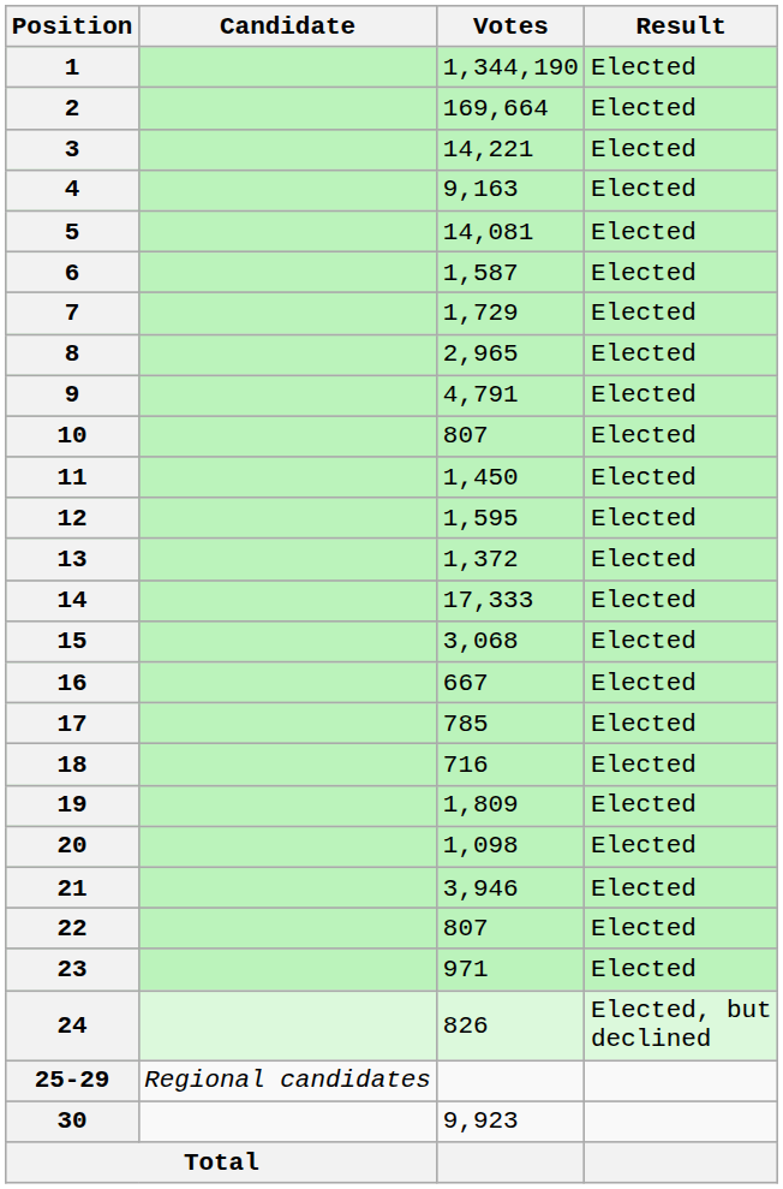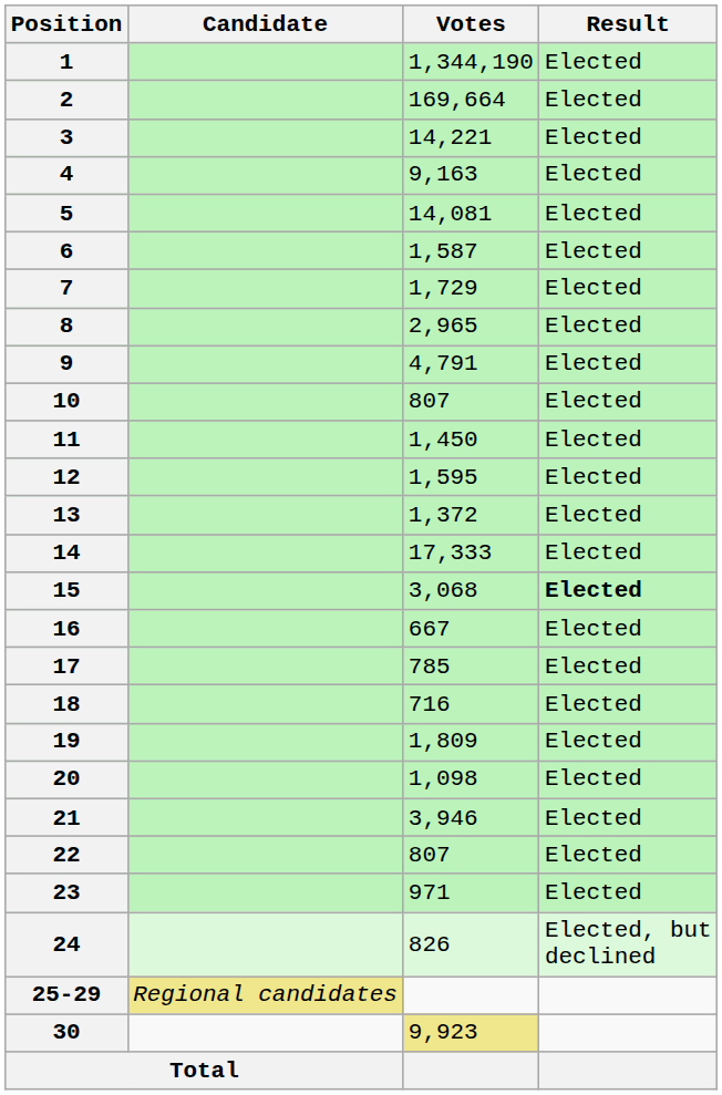 <table class="wikitable sortable col3right">
 <tr>
 <th scope="col">Position</th>
 <th scope="col">Candidate</th>
 <th scope="col">Votes</th>
 <th scope="col">Result</th>
 </tr>
 <tr bgcolor=bbf3bb>
 <th scope="row">1</th>
 <td></td>
 <td>1,344,190</td>
 <td>Elected</td>
 </tr>
 <tr bgcolor=bbf3bb>
 <th scope="row">2</th>
 <td></td>
 <td>169,664</td>
 <td>Elected</td>
 </tr>
 <tr bgcolor=bbf3bb>
 <th scope="row">3</th>
 <td></td>
 <td>14,221</td>
 <td>Elected</td>
 </tr>
 <tr bgcolor=bbf3bb>
 <th scope="row">4</th>
 <td></td>
 <td>9,163</td>
 <td>Elected</td>
 </tr>
 <tr bgcolor=bbf3bb>
 <th scope="row">5</th>
 <td></td>
 <td>14,081</td>
 <td>Elected</td>
 </tr>
 <tr bgcolor=bbf3bb>
 <th scope="row">6</th>
 <td></td>
 <td>1,587</td>
 <td>Elected</td>
 </tr>
 <tr bgcolor=bbf3bb>
 <th scope="row">7</th>
 <td></td>
 <td>1,729</td>
 <td>Elected</td>
 </tr>
 <tr bgcolor=bbf3bb>
 <th scope="row">8</th>
 <td></td>
 <td>2,965</td>
 <td>Elected</td>
 </tr>
 <tr bgcolor=bbf3bb>
 <th scope="row">9</th>
 <td></td>
 <td>4,791</td>
 <td>Elected</td>
 </tr>
 <tr bgcolor=bbf3bb>
 <th scope="row">10</th>
 <td></td>
 <td>807</td>
 <td>Elected</td>
 </tr>
 <tr bgcolor=bbf3bb>
 <th scope="row">11</th>
 <td></td>
 <td>1,450</td>
 <td>Elected</td>
 </tr>
 <tr bgcolor=bbf3bb>
 <th scope="row">12</th>
 <td></td>
 <td>1,595</td>
 <td>Elected</td>
 </tr>
 <tr bgcolor=bbf3bb>
 <th scope="row">13</th>
 <td></td>
 <td>1,372</td>
 <td>Elected</td>
 </tr>
 <tr bgcolor=bbf3bb>
 <th scope="row">14</th>
 <td></td>
 <td>17,333</td>
 <td>Elected</td>
 </tr>
 <tr bgcolor=bbf3bb>
 <th scope="row">15</th>
 <td></td>
 <td>3,068</td>
-<td>Elected</td>
+<td><strong>Elected</strong></td>
 </tr>
 <tr bgcolor=bbf3bb>
 <th scope="row">16</th>
 <td></td>
 <td>667</td>
 <td>Elected</td>
 </tr>
 <tr bgcolor=bbf3bb>
 <th scope="row">17</th>
 <td></td>
 <td>785</td>
 <td>Elected</td>
 </tr>
 <tr bgcolor=bbf3bb>
 <th scope="row">18</th>
 <td></td>
 <td>716</td>
 <td>Elected</td>
 </tr>
 <tr bgcolor=bbf3bb>
 <th scope="row">19</th>
 <td></td>
 <td>1,809</td>
 <td>Elected</td>
 </tr>
 <tr bgcolor=bbf3bb>
 <th scope="row">20</th>
 <td></td>
 <td>1,098</td>
 <td>Elected</td>
 </tr>
 <tr bgcolor=bbf3bb>
 <th scope="row">21</th>
 <td></td>
 <td>3,946</td>
 <td>Elected</td>
 </tr>
 <tr bgcolor=bbf3bb>
 <th scope="row">22</th>
 <td></td>
 <td>807</td>
 <td>Elected</td>
 </tr>
 <tr bgcolor=bbf3bb>
 <th scope="row">23</th>
 <td></td>
 <td>971</td>
 <td>Elected</td>
 </tr>
 <tr bgcolor=dcf9dc>
 <th scope="row">24</th>
 <td></td>
 <td>826</td>
 <td>Elected, but<br>declined</td>
 </tr>
 <tr>
 <th scope="row">25-29</th>
-<td><em>Regional candidates</em></td>
+<td style="background: khaki;"><em>Regional candidates</em></td>
 <td></td>
 <td></td>
 </tr>
 <tr>
 <th scope="row">30</th>
 <td></td>
-<td>9,923</td>
+<td style="background: khaki;">9,923</td>
 <td></td>
 </tr>
 <tr class="sortbottom">
 <th scope="row" colspan="2">Total</th>
 <th></th>
 <th></th>
 </tr>
 </table>
